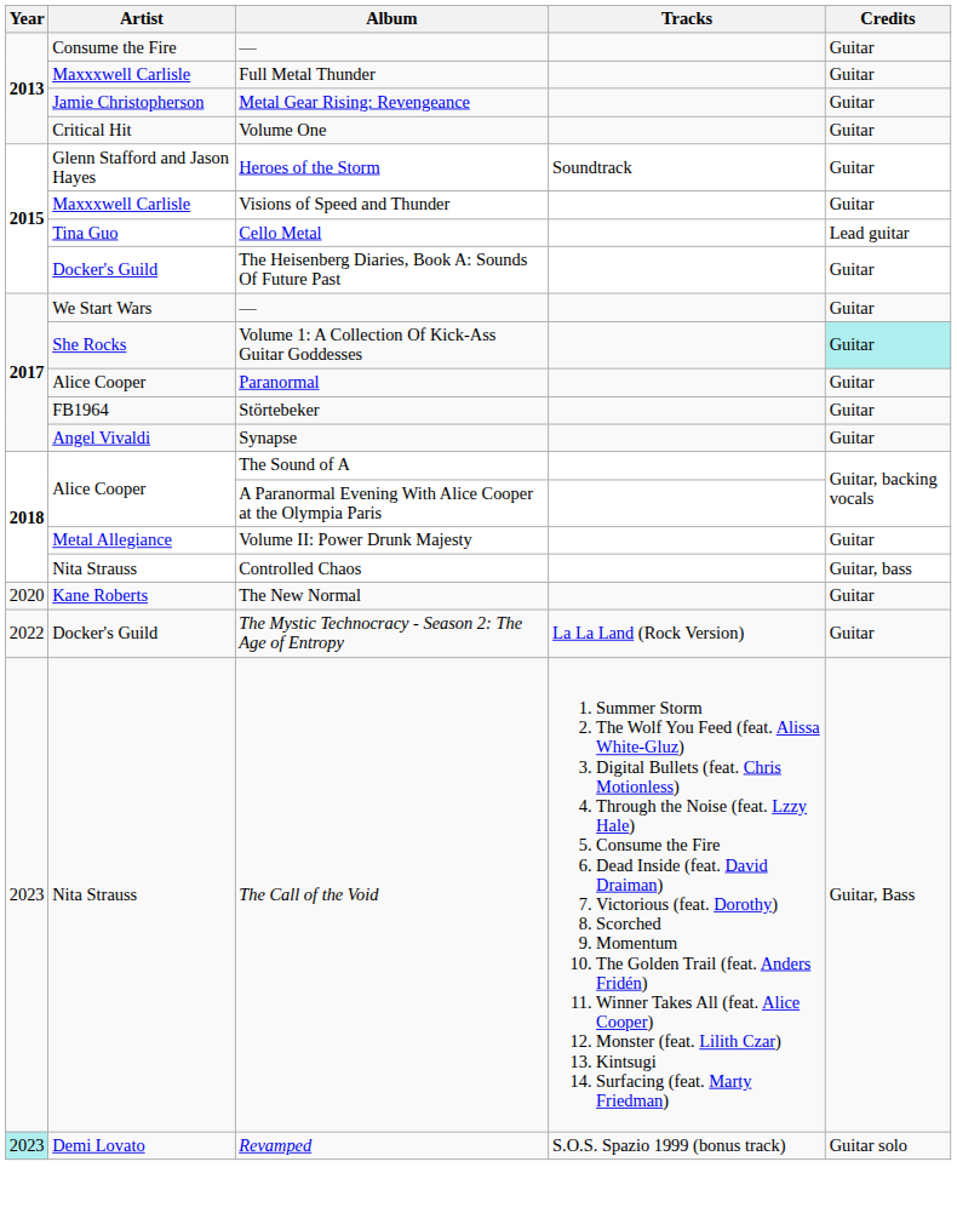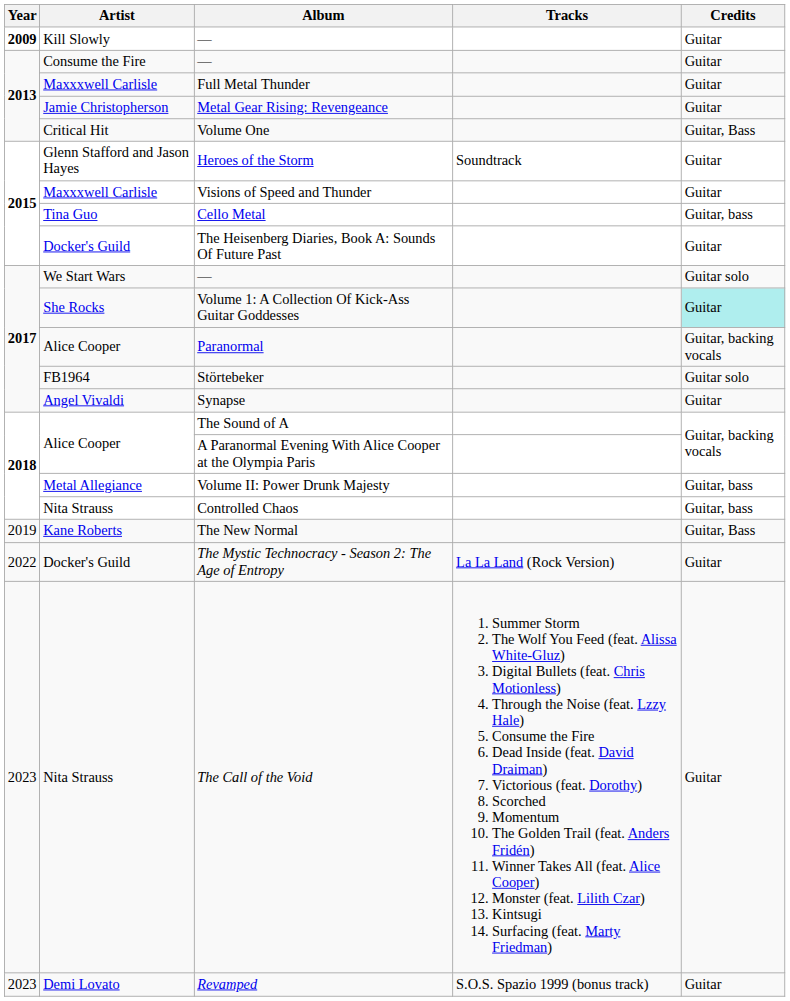 <table class="wikitable">
 <tr>
 <th>Year</th>
 <th>Artist</th>
 <th>Album</th>
 <th>Tracks</th>
 <th>Credits</th>
+</tr>
+<tr>
+<td style='background: #fff'><strong>2009</strong></td>
+<td style='background: #fff'>Kill Slowly</td>
+<td style='background: #fff'>—</td>
+<td style='background: #fff'></td>
+<td style='background: #fff'>Guitar</td>
 </tr>
 <tr>
 <td rowspan="4"><strong>2013</strong></td>
 <td>Consume the Fire</td>
 <td>—</td>
 <td></td>
 <td>Guitar</td>
 </tr>
 <tr>
 <td><a href='#'>Maxxxwell Carlisle</a></td>
 <td>Full Metal Thunder</td>
 <td></td>
 <td>Guitar</td>
 </tr>
 <tr>
 <td><a href='#'>Jamie Christopherson</a></td>
 <td><a href='#'>Metal Gear Rising: Revengeance</a></td>
 <td></td>
 <td>Guitar</td>
 </tr>
 <tr>
 <td>Critical Hit</td>
 <td>Volume One</td>
 <td></td>
-<td>Guitar</td>
+<td>Guitar, Bass</td>
 </tr>
 <tr>
 <td style='background: #fff' rowspan="4"><strong>2015</strong></td>
 <td style='background: #fff'>Glenn Stafford and Jason Hayes</td>
 <td style='background: #fff'><a href='#'>Heroes of the Storm</a></td>
 <td style='background: #fff'>Soundtrack</td>
 <td style='background: #fff'>Guitar</td>
 </tr>
 <tr>
 <td style='background: #fff'><a href='#'>Maxxxwell Carlisle</a></td>
 <td style='background: #fff'>Visions of Speed and Thunder</td>
 <td style='background: #fff'></td>
 <td style='background: #fff'>Guitar</td>
 </tr>
 <tr>
 <td style='background: #fff'><a href='#'>Tina Guo</a></td>
 <td style='background: #fff'><a href='#'>Cello Metal</a></td>
 <td style='background: #fff'></td>
-<td style='background: #fff'>Lead guitar</td>
+<td style='background: #fff'>Guitar, bass</td>
 </tr>
 <tr>
 <td style='background: #fff'><a href='#'>Docker's Guild</a></td>
 <td style='background: #fff'>The Heisenberg Diaries, Book A: Sounds Of Future Past</td>
 <td style='background: #fff'></td>
 <td style='background: #fff'>Guitar</td>
 </tr>
 <tr>
 <td rowspan="5"><strong>2017</strong></td>
 <td>We Start Wars</td>
 <td>—</td>
 <td></td>
-<td>Guitar</td>
+<td>Guitar solo</td>
 </tr>
 <tr>
 <td><a href='#'>She Rocks</a></td>
 <td>Volume 1: A Collection Of Kick-Ass Guitar Goddesses</td>
 <td></td>
 <td style="background: paleturquoise;">Guitar</td>
 </tr>
 <tr>
 <td>Alice Cooper</td>
 <td><a href='#'>Paranormal</a></td>
 <td></td>
-<td>Guitar</td>
+<td>Guitar, backing vocals</td>
 </tr>
 <tr>
 <td>FB1964</td>
 <td>Störtebeker</td>
 <td></td>
-<td>Guitar</td>
+<td>Guitar solo</td>
 </tr>
 <tr>
 <td><a href='#'>Angel Vivaldi</a></td>
 <td>Synapse</td>
 <td></td>
 <td>Guitar</td>
 </tr>
 <tr>
 <td style='background: #fff' rowspan="4"><strong>2018</strong></td>
 <td style='background: #fff' rowspan="2">Alice Cooper</td>
 <td style='background: #fff'>The Sound of A</td>
 <td style='background: #fff'></td>
 <td style='background: #fff' rowspan="2">Guitar, backing vocals</td>
 </tr>
 <tr>
 <td style='background: #fff'>A Paranormal Evening With Alice Cooper at the Olympia Paris</td>
 <td style='background: #fff'></td>
 </tr>
 <tr>
 <td style='background: #fff'><a href='#'>Metal Allegiance</a></td>
 <td style='background: #fff'>Volume II: Power Drunk Majesty</td>
 <td style='background: #fff'></td>
-<td style='background: #fff'>Guitar</td>
+<td style='background: #fff'>Guitar, bass</td>
 </tr>
 <tr>
 <td style='background: #fff'>Nita Strauss</td>
 <td style='background: #fff'>Controlled Chaos</td>
 <td style='background: #fff'></td>
 <td style='background: #fff'>Guitar, bass</td>
 </tr>
 <tr>
-<td rowspan="1">2020</td>
+<td rowspan="1">2019</td>
 <td><a href='#'>Kane Roberts</a></td>
 <td>The New Normal</td>
 <td></td>
-<td>Guitar</td>
+<td>Guitar, Bass</td>
 </tr>
 <tr>
 <td>2022</td>
 <td>Docker's Guild</td>
 <td><em>The Mystic Technocracy - Season 2: The Age of Entropy</em></td>
 <td><a href='#'>La La Land</a> (Rock Version)</td>
 <td>Guitar</td>
 </tr>
 <tr>
 <td>2023</td>
 <td>Nita Strauss</td>
 <td><em>The Call of the Void</em></td>
 <td><br><ol><li>Summer Storm</li><li>The Wolf You Feed (feat. <a href='#'>Alissa White-Gluz</a>)</li><li>Digital Bullets (feat. <a href='#'>Chris Motionless</a>)</li><li>Through the Noise (feat. <a href='#'>Lzzy Hale</a>)</li><li>Consume the Fire</li><li>Dead Inside (feat. <a href='#'>David Draiman</a>)</li><li>Victorious (feat. <a href='#'>Dorothy</a>)</li><li>Scorched</li><li>Momentum</li><li>The Golden Trail (feat. <a href='#'>Anders Fridén</a>)</li><li>Winner Takes All (feat. <a href='#'>Alice Cooper</a>)</li><li>Monster (feat. <a href='#'>Lilith Czar</a>)</li><li>Kintsugi</li><li>Surfacing (feat. <a href='#'>Marty Friedman</a>)</li></ol></td>
-<td>Guitar, Bass</td>
+<td>Guitar</td>
 </tr>
 <tr>
-<td style="background: paleturquoise;">2023</td>
+<td>2023</td>
 <td><a href='#'>Demi Lovato</a></td>
 <td><em><a href='#'>Revamped</a></em></td>
 <td>S.O.S. Spazio 1999 (bonus track)</td>
-<td>Guitar solo</td>
+<td>Guitar</td>
 </tr>
 </table>
